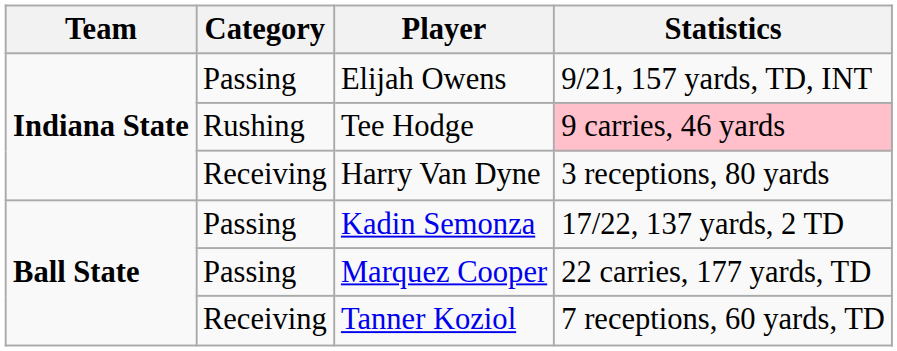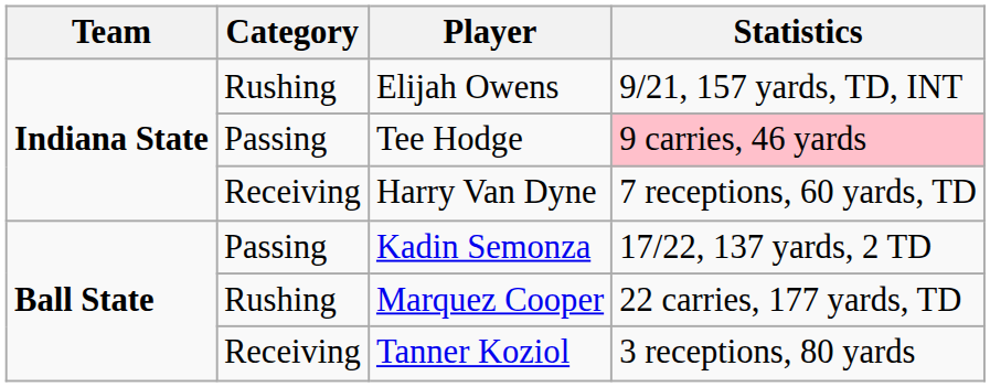 <table class="wikitable" style="float: right;">
 <tr>
 <th>Team</th>
 <th>Category</th>
 <th>Player</th>
 <th>Statistics</th>
 </tr>
 <tr>
 <td rowspan=3><strong>Indiana State</strong></td>
-<td>Passing</td>
+<td>Rushing</td>
 <td>Elijah Owens</td>
 <td>9/21, 157 yards, TD, INT</td>
 </tr>
 <tr>
-<td>Rushing</td>
+<td>Passing</td>
 <td>Tee Hodge</td>
 <td style="background: pink;">9 carries, 46 yards</td>
 </tr>
 <tr>
 <td>Receiving</td>
 <td>Harry Van Dyne</td>
-<td>3 receptions, 80 yards</td>
+<td>7 receptions, 60 yards, TD</td>
 </tr>
 <tr>
 <td rowspan=3><strong>Ball State</strong></td>
 <td>Passing</td>
 <td><a href='#'>Kadin Semonza</a></td>
 <td>17/22, 137 yards, 2 TD</td>
 </tr>
 <tr>
-<td>Passing</td>
+<td>Rushing</td>
 <td><a href='#'>Marquez Cooper</a></td>
 <td>22 carries, 177 yards, TD</td>
 </tr>
 <tr>
 <td>Receiving</td>
 <td><a href='#'>Tanner Koziol</a></td>
-<td>7 receptions, 60 yards, TD</td>
+<td>3 receptions, 80 yards</td>
 </tr>
 </table>
